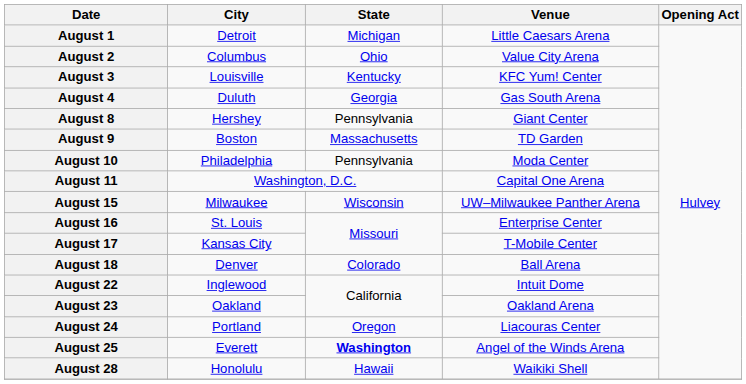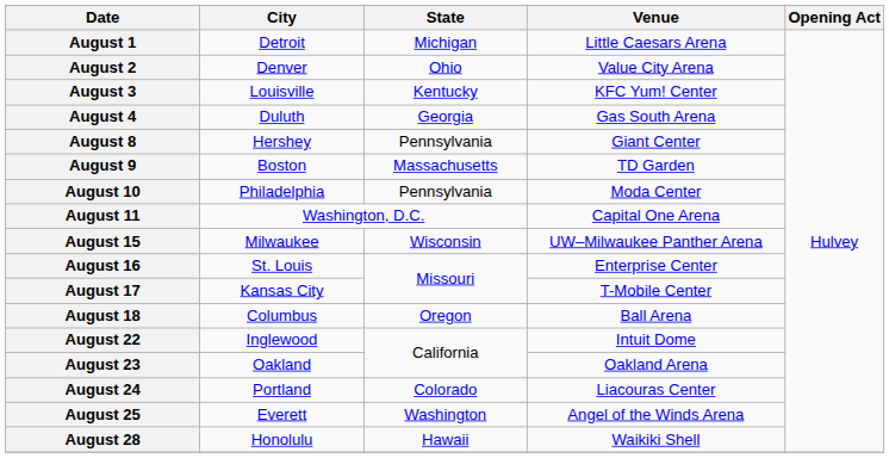 <table class="wikitable plainrowheaders" style="text-align:center;">
 <tr>
 <th scope="col" style="width:12em;">Date</th>
 <th scope="col" style="width:10em;">City</th>
 <th scope="col" style="width:10em;">State</th>
 <th scope="col" style="width:16em;">Venue</th>
 <th>Opening Act</th>
 </tr>
 <tr>
 <th scope="row" style="text-align:center;">August 1</th>
 <td><a href='#'>Detroit</a></td>
 <td><a href='#'>Michigan</a></td>
 <td><a href='#'>Little Caesars Arena</a></td>
 <td rowspan="17"><a href='#'>Hulvey</a></td>
 </tr>
 <tr>
 <th scope="row" style="text-align:center;">August 2</th>
-<td><a href='#'>Columbus</a></td>
+<td><a href='#'>Denver</a></td>
 <td><a href='#'>Ohio</a></td>
 <td><a href='#'>Value City Arena</a></td>
 </tr>
 <tr>
 <th scope="row" style="text-align:center;">August 3</th>
 <td><a href='#'>Louisville</a></td>
 <td><a href='#'>Kentucky</a></td>
 <td><a href='#'>KFC Yum! Center</a></td>
 </tr>
 <tr>
 <th scope="row" style="text-align:center;">August 4</th>
 <td><a href='#'>Duluth</a></td>
 <td><a href='#'>Georgia</a></td>
 <td><a href='#'>Gas South Arena</a></td>
 </tr>
 <tr>
 <th scope="row" style="text-align:center;">August 8</th>
 <td><a href='#'>Hershey</a></td>
 <td>Pennsylvania</td>
 <td><a href='#'>Giant Center</a></td>
 </tr>
 <tr>
 <th scope="row" style="text-align:center;">August 9</th>
 <td><a href='#'>Boston</a></td>
 <td><a href='#'>Massachusetts</a></td>
 <td><a href='#'>TD Garden</a></td>
 </tr>
 <tr>
 <th scope="row" style="text-align:center;">August 10</th>
 <td><a href='#'>Philadelphia</a></td>
 <td>Pennsylvania</td>
 <td><a href='#'>Moda Center</a></td>
 </tr>
 <tr>
 <th scope="row" style="text-align:center;">August 11</th>
 <td colspan="2"><a href='#'>Washington, D.C.</a></td>
 <td><a href='#'>Capital One Arena</a></td>
 </tr>
 <tr>
 <th scope="row" style="text-align:center;">August 15</th>
 <td><a href='#'>Milwaukee</a></td>
 <td><a href='#'>Wisconsin</a></td>
 <td><a href='#'>UW–Milwaukee Panther Arena</a></td>
 </tr>
 <tr>
 <th scope="row" style="text-align:center;">August 16</th>
 <td><a href='#'>St. Louis</a></td>
 <td rowspan="2"><a href='#'>Missouri</a></td>
 <td><a href='#'>Enterprise Center</a></td>
 </tr>
 <tr>
 <th scope="row" style="text-align:center;">August 17</th>
 <td><a href='#'>Kansas City</a></td>
 <td><a href='#'>T-Mobile Center</a></td>
 </tr>
 <tr>
 <th scope="row" style="text-align:center;">August 18</th>
-<td><a href='#'>Denver</a></td>
-<td><a href='#'>Colorado</a></td>
+<td><a href='#'>Columbus</a></td>
+<td><a href='#'>Oregon</a></td>
 <td><a href='#'>Ball Arena</a></td>
 </tr>
 <tr>
 <th scope="row" style="text-align:center;">August 22</th>
 <td><a href='#'>Inglewood</a></td>
 <td rowspan="2">California</td>
 <td><a href='#'>Intuit Dome</a></td>
 </tr>
 <tr>
 <th scope="row" style="text-align:center;">August 23</th>
 <td><a href='#'>Oakland</a></td>
 <td><a href='#'>Oakland Arena</a></td>
 </tr>
 <tr>
 <th scope="row" style="text-align:center;">August 24</th>
 <td><a href='#'>Portland</a></td>
-<td><a href='#'>Oregon</a></td>
+<td><a href='#'>Colorado</a></td>
 <td><a href='#'>Liacouras Center</a></td>
 </tr>
 <tr>
 <th scope="row" style="text-align:center;">August 25</th>
 <td><a href='#'>Everett</a></td>
-<td><strong><a href='#'>Washington</a></strong></td>
+<td><a href='#'>Washington</a></td>
 <td><a href='#'>Angel of the Winds Arena</a></td>
 </tr>
 <tr>
 <th scope="row" style="text-align:center;">August 28</th>
 <td><a href='#'>Honolulu</a></td>
 <td><a href='#'>Hawaii</a></td>
 <td><a href='#'>Waikiki Shell</a></td>
 </tr>
 <tr>
 </tr>
 </table>
